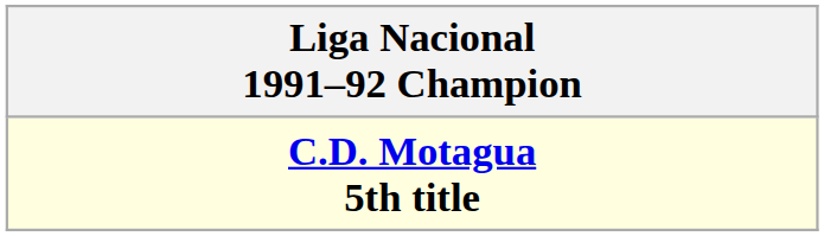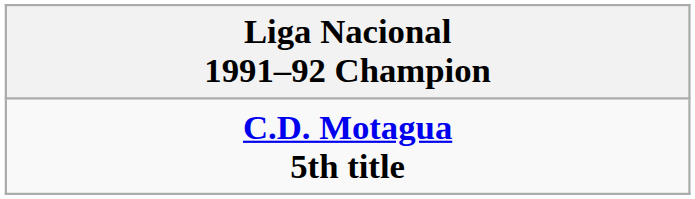 <table class="wikitable" style="text-align: center; margin: 0 auto; width: 20%">
 <tr>
 <th>Liga Nacional<br>1991–92 Champion</th>
 </tr>
 <tr>
-<td style="background: lightyellow;"><strong><a href='#'>C.D. Motagua</a></strong><br><strong>5th title</strong></td>
+<td><strong><a href='#'>C.D. Motagua</a></strong><br><strong>5th title</strong></td>
 </tr>
 </table>
